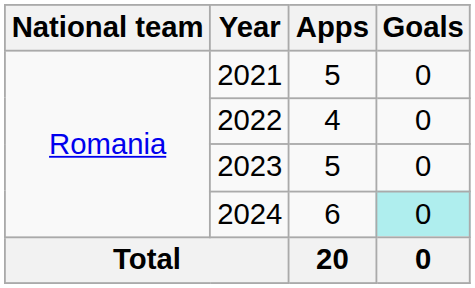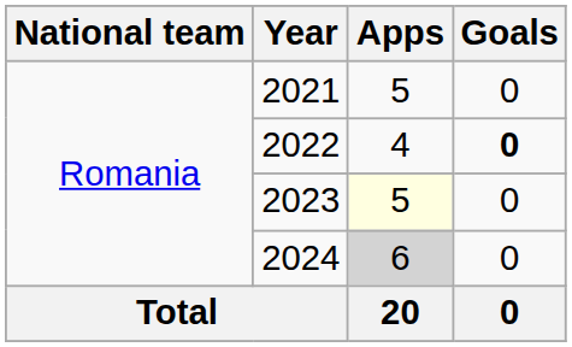 <table class="wikitable" style="text-align: center;">
 <tr>
 <th>National team</th>
 <th>Year</th>
 <th>Apps</th>
 <th>Goals</th>
 </tr>
 <tr>
 <td rowspan="4"><a href='#'>Romania</a></td>
 <td>2021</td>
 <td>5</td>
 <td>0</td>
 </tr>
 <tr>
 <td>2022</td>
 <td>4</td>
-<td>0</td>
+<td><strong>0</strong></td>
 </tr>
 <tr>
 <td>2023</td>
-<td>5</td>
+<td style="background: lightyellow;">5</td>
 <td>0</td>
 </tr>
 <tr>
 <td>2024</td>
-<td>6</td>
-<td style="background: paleturquoise;">0</td>
+<td style="background: lightgrey;">6</td>
+<td>0</td>
 </tr>
 <tr>
 <th colspan="2">Total</th>
 <th>20</th>
 <th>0</th>
 </tr>
 </table>
